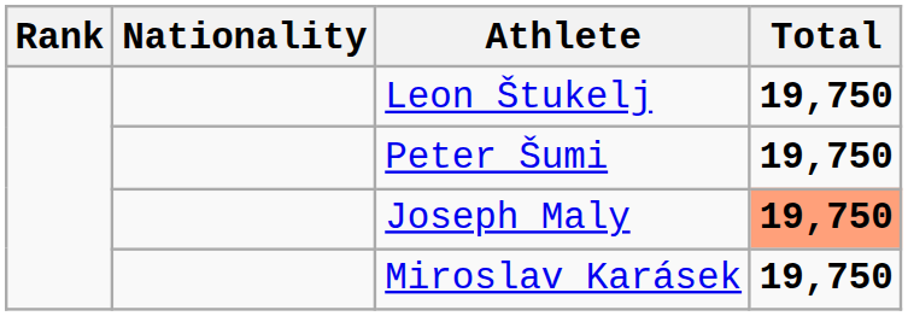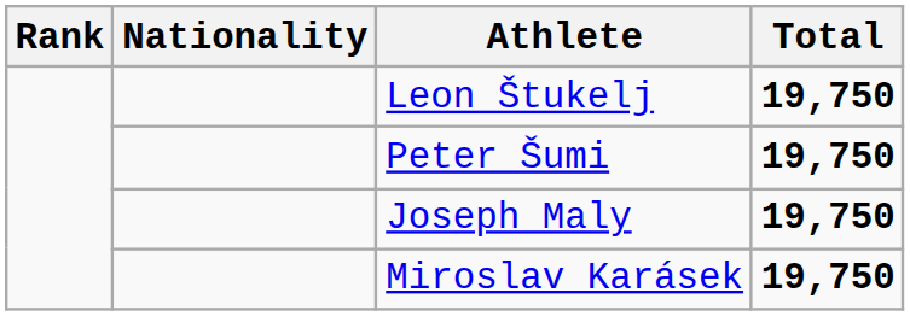 <table class="wikitable">
 <tr>
 <th>Rank</th>
 <th>Nationality</th>
 <th>Athlete</th>
 <th>Total</th>
 </tr>
 <tr>
 <td rowspan="4"></td>
 <td></td>
 <td><a href='#'>Leon Štukelj</a></td>
 <td><strong>19,750</strong></td>
 </tr>
 <tr>
 <td></td>
 <td><a href='#'>Peter Šumi</a></td>
 <td><strong>19,750</strong></td>
 </tr>
 <tr>
 <td></td>
 <td><a href='#'>Joseph Maly</a></td>
-<td style="background: lightsalmon;"><strong>19,750</strong></td>
+<td><strong>19,750</strong></td>
 </tr>
 <tr>
 <td></td>
 <td><a href='#'>Miroslav Karásek</a></td>
 <td><strong>19,750</strong></td>
 </tr>
 </table>
